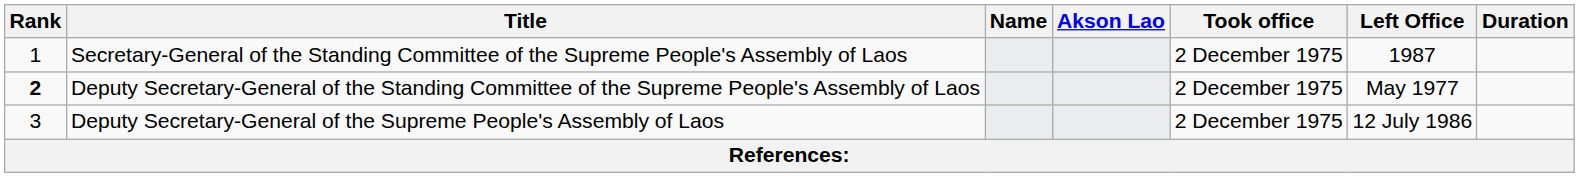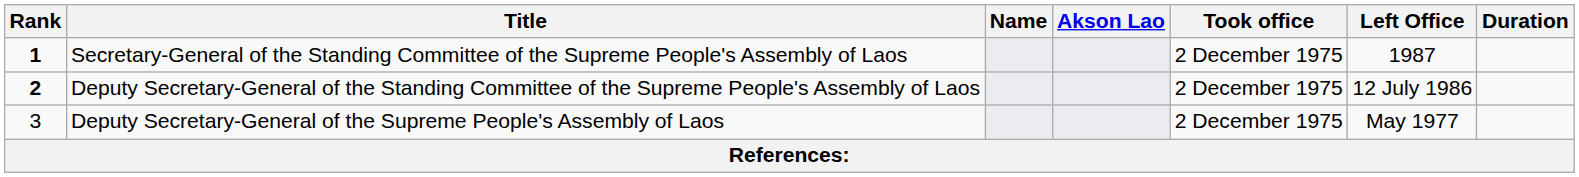 <table class="wikitable sortable" style=text-align:center>
 <tr>
 <th>Rank</th>
 <th>Title</th>
 <th>Name</th>
 <th class="unsortable"><a href='#'>Akson Lao</a></th>
 <th>Took office</th>
 <th>Left Office</th>
 <th>Duration</th>
 </tr>
 <tr>
-<td>1</td>
+<td><strong>1</strong></td>
 <td align="left">Secretary-General of the Standing Committee of the Supreme People's Assembly of Laos</td>
 <td bgcolor = #EAECF0></td>
 <td bgcolor = #EAECF0></td>
 <td>2 December 1975</td>
 <td>1987</td>
 <td></td>
 </tr>
 <tr>
 <td><strong>2</strong></td>
 <td align="left">Deputy Secretary-General of the Standing Committee of the Supreme People's Assembly of Laos</td>
 <td bgcolor = #EAECF0></td>
 <td bgcolor = #EAECF0></td>
 <td>2 December 1975</td>
-<td>May 1977</td>
+<td>12 July 1986</td>
 <td></td>
 </tr>
 <tr>
 <td>3</td>
 <td align="left">Deputy Secretary-General of the Supreme People's Assembly of Laos</td>
 <td bgcolor = #EAECF0></td>
 <td bgcolor = #EAECF0></td>
 <td>2 December 1975</td>
-<td>12 July 1986</td>
+<td>May 1977</td>
 <td></td>
 </tr>
 <tr>
 <th colspan="15" unsortable><strong>References:</strong><br></th>
 </tr>
 </table>
